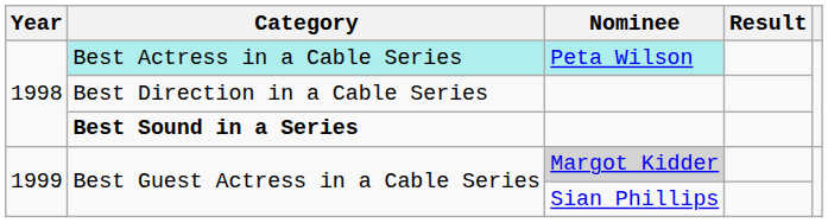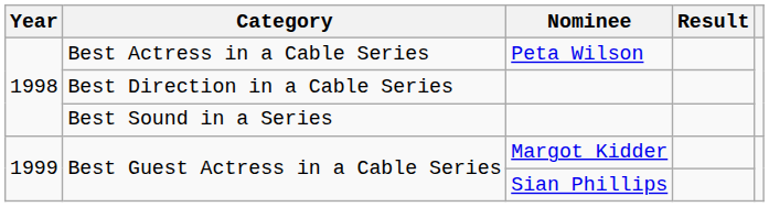 <table class="wikitable">
 <tr>
 <th>Year</th>
 <th>Category</th>
 <th>Nominee</th>
 <th>Result</th>
 <th></th>
 </tr>
 <tr>
 <td rowspan="3">1998</td>
-<td style="background: paleturquoise;">Best Actress in a Cable Series</td>
-<td style="background: paleturquoise;"><a href='#'>Peta Wilson</a></td>
+<td>Best Actress in a Cable Series</td>
+<td><a href='#'>Peta Wilson</a></td>
 <td></td>
 <td rowspan="3"></td>
 </tr>
 <tr>
 <td>Best Direction in a Cable Series</td>
 <td></td>
 <td></td>
 </tr>
 <tr>
-<td><strong>Best Sound in a Series</strong></td>
+<td>Best Sound in a Series</td>
 <td></td>
 <td></td>
 </tr>
 <tr>
 <td rowspan="2">1999</td>
 <td rowspan="2">Best Guest Actress in a Cable Series</td>
-<td style="background: lightgrey;"><a href='#'>Margot Kidder</a></td>
+<td><a href='#'>Margot Kidder</a></td>
 <td></td>
 <td rowspan="2"></td>
 </tr>
 <tr>
 <td><a href='#'>Sian Phillips</a></td>
 <td></td>
 </tr>
 </table>
